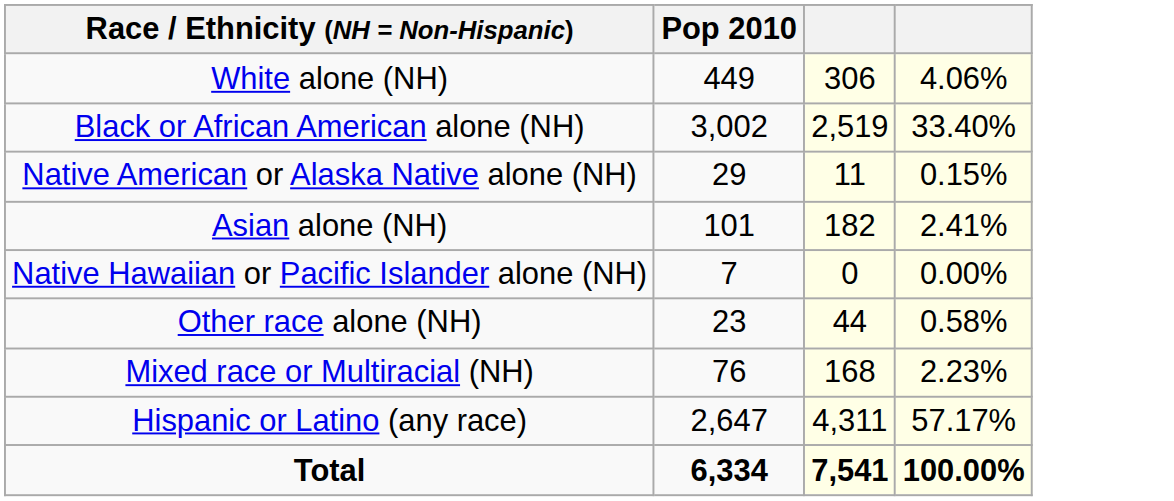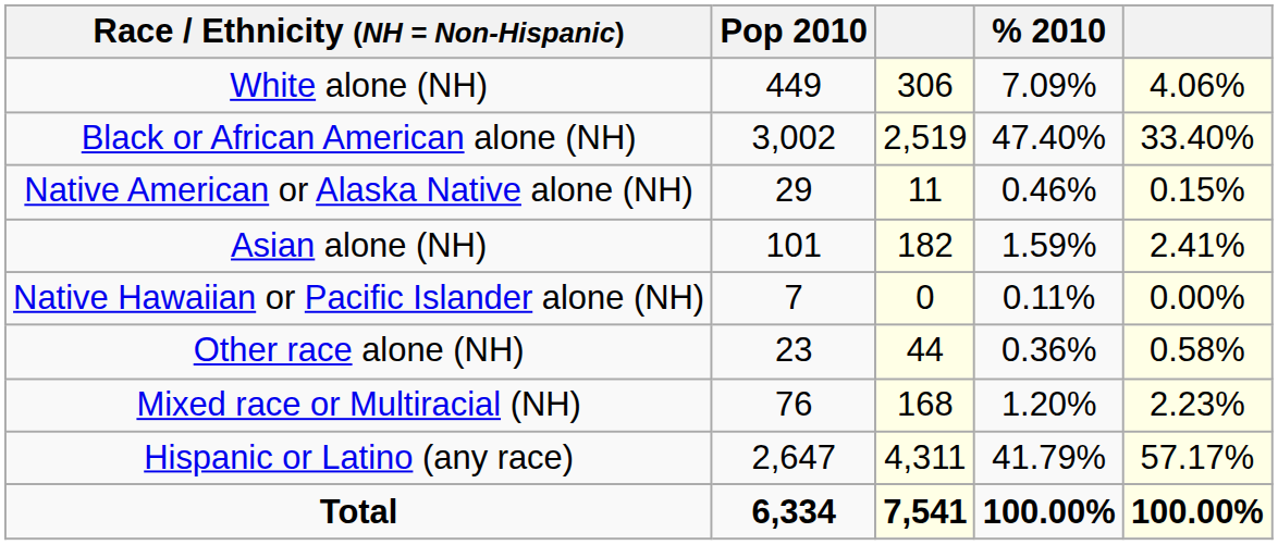 <table class="wikitable" style="text-align:center;">
 <tr>
 <th>Race / Ethnicity <small>(<em>NH = Non-Hispanic</em>)</small></th>
 <th>Pop 2010</th>
 <th></th>
+<th>% 2010</th>
 <th></th>
 </tr>
 <tr>
 <td><a href='#'>White</a> alone (NH)</td>
 <td>449</td>
 <td style='background: #ffffe6;'>306</td>
+<td>7.09%</td>
 <td style='background: #ffffe6;'>4.06%</td>
 </tr>
 <tr>
 <td><a href='#'>Black or African American</a> alone (NH)</td>
 <td>3,002</td>
 <td style='background: #ffffe6;'>2,519</td>
+<td>47.40%</td>
 <td style='background: #ffffe6;'>33.40%</td>
 </tr>
 <tr>
 <td><a href='#'>Native American</a> or <a href='#'>Alaska Native</a> alone (NH)</td>
 <td>29</td>
 <td style='background: #ffffe6;'>11</td>
+<td>0.46%</td>
 <td style='background: #ffffe6;'>0.15%</td>
 </tr>
 <tr>
 <td><a href='#'>Asian</a> alone (NH)</td>
 <td>101</td>
 <td style='background: #ffffe6;'>182</td>
+<td>1.59%</td>
 <td style='background: #ffffe6;'>2.41%</td>
 </tr>
 <tr>
 <td><a href='#'>Native Hawaiian</a> or <a href='#'>Pacific Islander</a> alone (NH)</td>
 <td>7</td>
 <td style='background: #ffffe6;'>0</td>
+<td>0.11%</td>
 <td style='background: #ffffe6;'>0.00%</td>
 </tr>
 <tr>
 <td><a href='#'>Other race</a> alone (NH)</td>
 <td>23</td>
 <td style='background: #ffffe6;'>44</td>
+<td>0.36%</td>
 <td style='background: #ffffe6;'>0.58%</td>
 </tr>
 <tr>
 <td><a href='#'>Mixed race or Multiracial</a> (NH)</td>
 <td>76</td>
 <td style='background: #ffffe6;'>168</td>
+<td>1.20%</td>
 <td style='background: #ffffe6;'>2.23%</td>
 </tr>
 <tr>
 <td><a href='#'>Hispanic or Latino</a> (any race)</td>
 <td>2,647</td>
 <td style='background: #ffffe6;'>4,311</td>
+<td>41.79%</td>
 <td style='background: #ffffe6;'>57.17%</td>
 </tr>
 <tr>
 <td><strong>Total</strong></td>
 <td><strong>6,334</strong></td>
 <td style='background: #ffffe6;'><strong>7,541</strong></td>
+<td><strong>100.00%</strong></td>
 <td style='background: #ffffe6;'><strong>100.00%</strong></td>
 </tr>
 </table>
